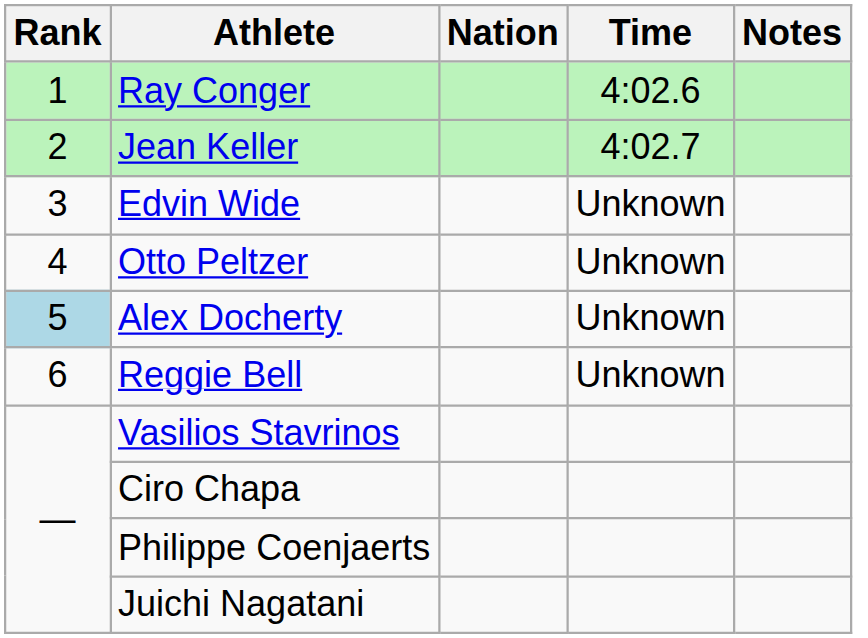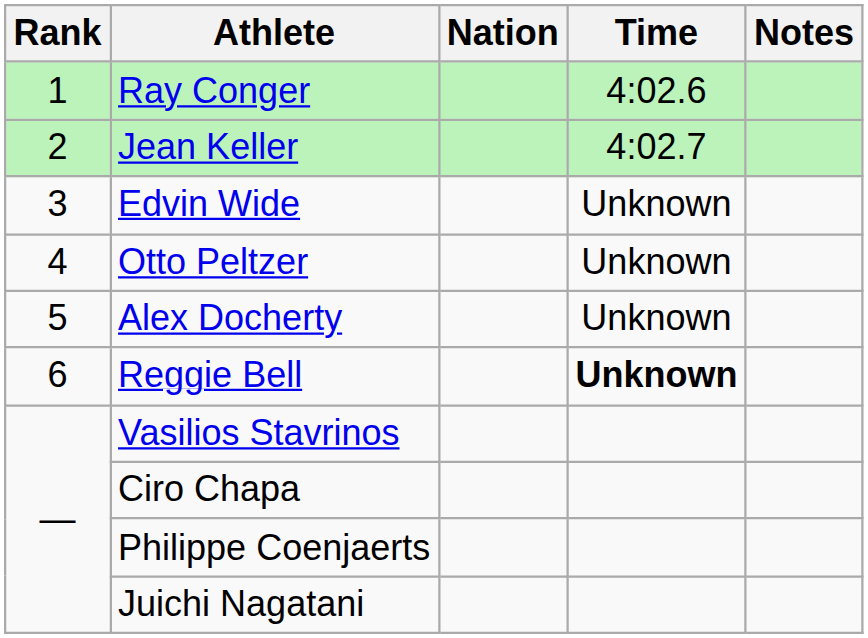 <table class="wikitable sortable" style="text-align:center">
 <tr>
 <th>Rank</th>
 <th>Athlete</th>
 <th>Nation</th>
 <th>Time</th>
 <th>Notes</th>
 </tr>
 <tr bgcolor=bbf3bb>
 <td>1</td>
 <td align=left><a href='#'>Ray Conger</a></td>
 <td align=left></td>
 <td>4:02.6</td>
 <td></td>
 </tr>
 <tr bgcolor=bbf3bb>
 <td>2</td>
 <td align=left><a href='#'>Jean Keller</a></td>
 <td align=left></td>
 <td>4:02.7</td>
 <td></td>
 </tr>
 <tr>
 <td>3</td>
 <td align=left><a href='#'>Edvin Wide</a></td>
 <td align=left></td>
 <td data-sort-value=5:00.0>Unknown</td>
 <td></td>
 </tr>
 <tr>
 <td>4</td>
 <td align=left><a href='#'>Otto Peltzer</a></td>
 <td align=left></td>
 <td data-sort-value=6:00.0>Unknown</td>
 <td></td>
 </tr>
 <tr>
-<td style="background: lightblue;">5</td>
+<td>5</td>
 <td align=left><a href='#'>Alex Docherty</a></td>
 <td align=left></td>
 <td data-sort-value=7:00.0>Unknown</td>
 <td></td>
 </tr>
 <tr>
 <td>6</td>
 <td align=left><a href='#'>Reggie Bell</a></td>
 <td align=left></td>
-<td data-sort-value=8:00.0>Unknown</td>
+<td data-sort-value=8:00.0><strong>Unknown</strong></td>
 <td></td>
 </tr>
 <tr>
 <td rowspan=4 data-sort-value=9>—</td>
 <td align=left><a href='#'>Vasilios Stavrinos</a></td>
 <td align=left></td>
 <td data-sort-value=9:99.9></td>
 <td></td>
 </tr>
 <tr>
 <td align=left>Ciro Chapa</td>
 <td align=left></td>
 <td data-sort-value=9:99.9></td>
 <td></td>
 </tr>
 <tr>
 <td align=left>Philippe Coenjaerts</td>
 <td align=left></td>
 <td data-sort-value=9:99.9></td>
 <td></td>
 </tr>
 <tr>
 <td align=left>Juichi Nagatani</td>
 <td align=left></td>
 <td data-sort-value=9:99.9></td>
 <td></td>
 </tr>
 </table>
